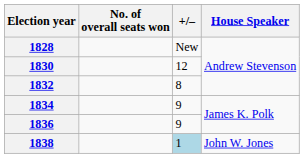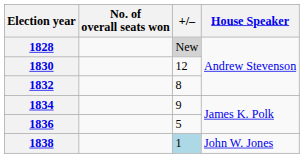 <table class=wikitable>
 <tr>
 <th>Election year</th>
 <th>No. of<br>overall seats won</th>
 <th>+/–</th>
 <th><a href='#'>House Speaker</a></th>
 </tr>
 <tr>
 <th><a href='#'>1828</a></th>
 <td></td>
-<td>New</td>
+<td style="background: lightgrey;">New</td>
 <td rowspan=3 ><a href='#'>Andrew Stevenson</a></td>
 </tr>
 <tr>
 <th><a href='#'>1830</a></th>
 <td></td>
 <td> 12</td>
 </tr>
 <tr>
 <th><a href='#'>1832</a></th>
 <td></td>
 <td> 8</td>
 </tr>
 <tr>
 <th><a href='#'>1834</a></th>
 <td></td>
 <td> 9</td>
 <td rowspan=2 ><a href='#'>James K. Polk</a></td>
 </tr>
 <tr>
 <th><a href='#'>1836</a></th>
 <td></td>
-<td> 9</td>
+<td> 5</td>
 </tr>
 <tr>
 <th><a href='#'>1838</a></th>
 <td></td>
 <td style="background: lightblue;"> 1</td>
 <td><a href='#'>John W. Jones</a></td>
 </tr>
 </table>
